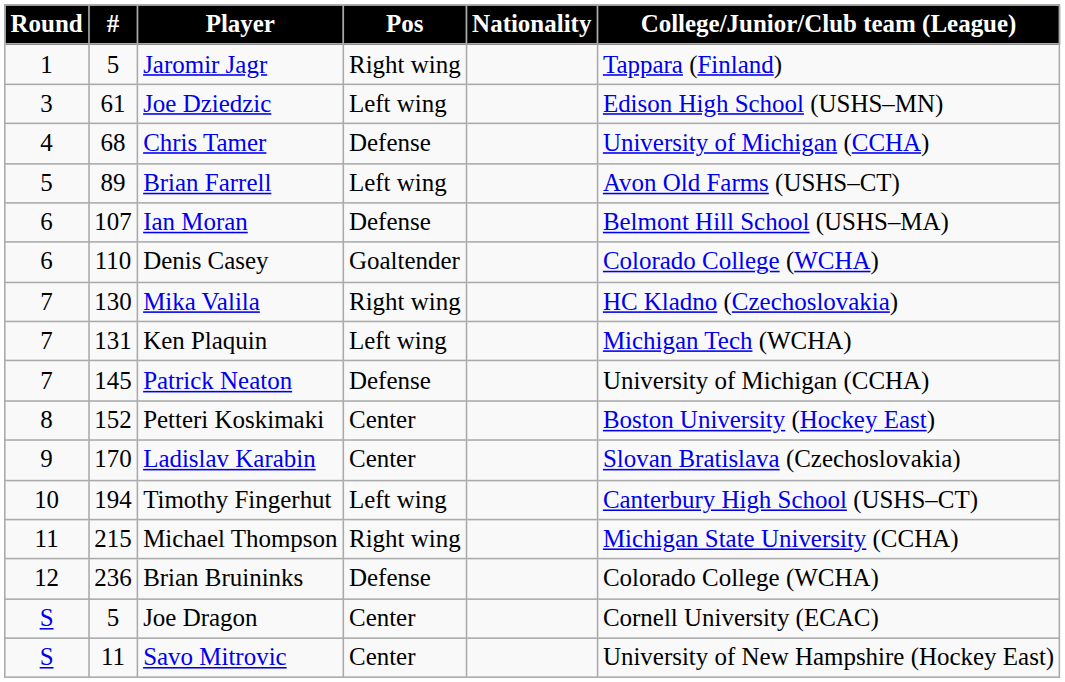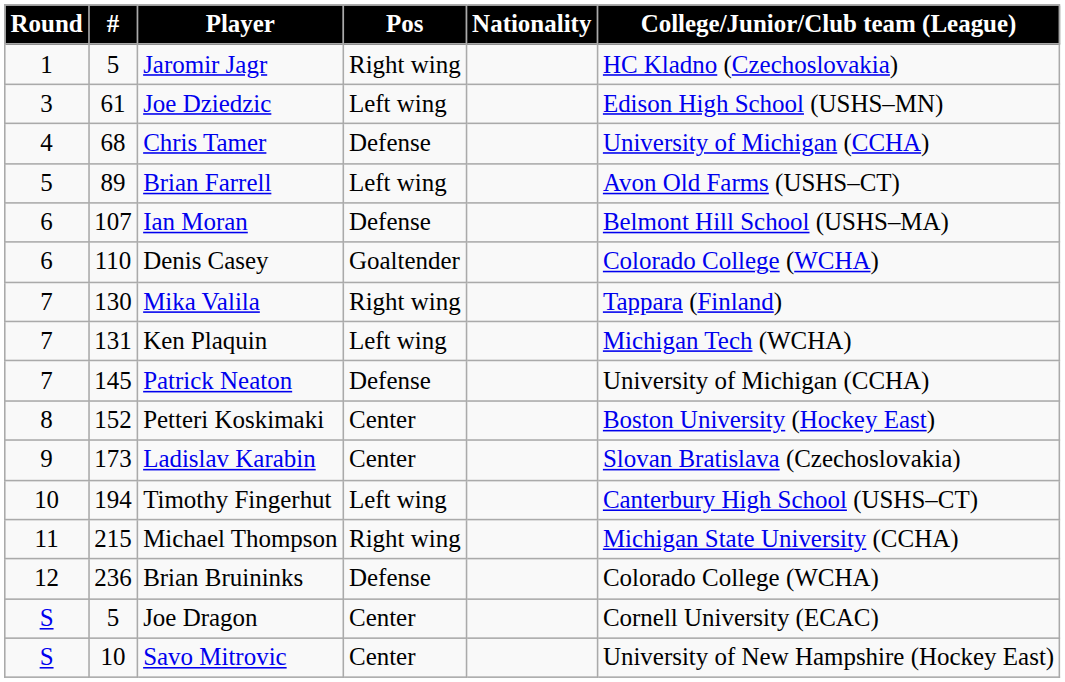 <table class="wikitable">
 <tr>
 <th style="color:white; background:#000000; ">Round</th>
 <th style="color:white; background:#000000; ">#</th>
 <th style="color:white; background:#000000; ">Player</th>
 <th style="color:white; background:#000000; ">Pos</th>
 <th style="color:white; background:#000000; ">Nationality</th>
 <th style="color:white; background:#000000; ">College/Junior/Club team (League)</th>
 </tr>
 <tr>
 <td style="text-align:center">1</td>
 <td style="text-align:center">5</td>
 <td><a href='#'>Jaromir Jagr</a></td>
 <td>Right wing</td>
 <td></td>
-<td><a href='#'>Tappara</a> (<a href='#'>Finland</a>)</td>
+<td><a href='#'>HC Kladno</a> (<a href='#'>Czechoslovakia</a>)</td>
 </tr>
 <tr>
 <td style="text-align:center">3</td>
 <td style="text-align:center">61</td>
 <td><a href='#'>Joe Dziedzic</a></td>
 <td>Left wing</td>
 <td></td>
 <td><a href='#'>Edison High School</a> (USHS–MN)</td>
 </tr>
 <tr>
 <td style="text-align:center">4</td>
 <td style="text-align:center">68</td>
 <td><a href='#'>Chris Tamer</a></td>
 <td>Defense</td>
 <td></td>
 <td><a href='#'>University of Michigan</a> (<a href='#'>CCHA</a>)</td>
 </tr>
 <tr>
 <td style="text-align:center">5</td>
 <td style="text-align:center">89</td>
 <td><a href='#'>Brian Farrell</a></td>
 <td>Left wing</td>
 <td></td>
 <td><a href='#'>Avon Old Farms</a> (USHS–CT)</td>
 </tr>
 <tr>
 <td style="text-align:center">6</td>
 <td style="text-align:center">107</td>
 <td><a href='#'>Ian Moran</a></td>
 <td>Defense</td>
 <td></td>
 <td><a href='#'>Belmont Hill School</a> (USHS–MA)</td>
 </tr>
 <tr>
 <td style="text-align:center">6</td>
 <td style="text-align:center">110</td>
 <td>Denis Casey</td>
 <td>Goaltender</td>
 <td></td>
 <td><a href='#'>Colorado College</a> (<a href='#'>WCHA</a>)</td>
 </tr>
 <tr>
 <td style="text-align:center">7</td>
 <td style="text-align:center">130</td>
 <td><a href='#'>Mika Valila</a></td>
 <td>Right wing</td>
 <td></td>
-<td><a href='#'>HC Kladno</a> (<a href='#'>Czechoslovakia</a>)</td>
+<td><a href='#'>Tappara</a> (<a href='#'>Finland</a>)</td>
 </tr>
 <tr>
 <td style="text-align:center">7</td>
 <td style="text-align:center">131</td>
 <td>Ken Plaquin</td>
 <td>Left wing</td>
 <td></td>
 <td><a href='#'>Michigan Tech</a> (WCHA)</td>
 </tr>
 <tr>
 <td style="text-align:center">7</td>
 <td style="text-align:center">145</td>
 <td><a href='#'>Patrick Neaton</a></td>
 <td>Defense</td>
 <td></td>
 <td>University of Michigan (CCHA)</td>
 </tr>
 <tr>
 <td style="text-align:center">8</td>
 <td style="text-align:center">152</td>
 <td>Petteri Koskimaki</td>
 <td>Center</td>
 <td></td>
 <td><a href='#'>Boston University</a> (<a href='#'>Hockey East</a>)</td>
 </tr>
 <tr>
 <td style="text-align:center">9</td>
-<td style="text-align:center">170</td>
+<td style="text-align:center">173</td>
 <td><a href='#'>Ladislav Karabin</a></td>
 <td>Center</td>
 <td></td>
 <td><a href='#'>Slovan Bratislava</a> (Czechoslovakia)</td>
 </tr>
 <tr>
 <td style="text-align:center">10</td>
 <td style="text-align:center">194</td>
 <td>Timothy Fingerhut</td>
 <td>Left wing</td>
 <td></td>
 <td><a href='#'>Canterbury High School</a> (USHS–CT)</td>
 </tr>
 <tr>
 <td style="text-align:center">11</td>
 <td style="text-align:center">215</td>
 <td>Michael Thompson</td>
 <td>Right wing</td>
 <td></td>
 <td><a href='#'>Michigan State University</a> (CCHA)</td>
 </tr>
 <tr>
 <td style="text-align:center">12</td>
 <td style="text-align:center">236</td>
 <td>Brian Bruininks</td>
 <td>Defense</td>
 <td></td>
 <td>Colorado College (WCHA)</td>
 </tr>
 <tr>
 <td style="text-align:center"><a href='#'>S</a></td>
 <td style="text-align:center">5</td>
 <td>Joe Dragon</td>
 <td>Center</td>
 <td></td>
 <td>Cornell University (ECAC)</td>
 </tr>
 <tr>
 <td style="text-align:center"><a href='#'>S</a></td>
-<td style="text-align:center">11</td>
+<td style="text-align:center">10</td>
 <td><a href='#'>Savo Mitrovic</a></td>
 <td>Center</td>
 <td></td>
 <td>University of New Hampshire (Hockey East)</td>
 </tr>
 </table>
